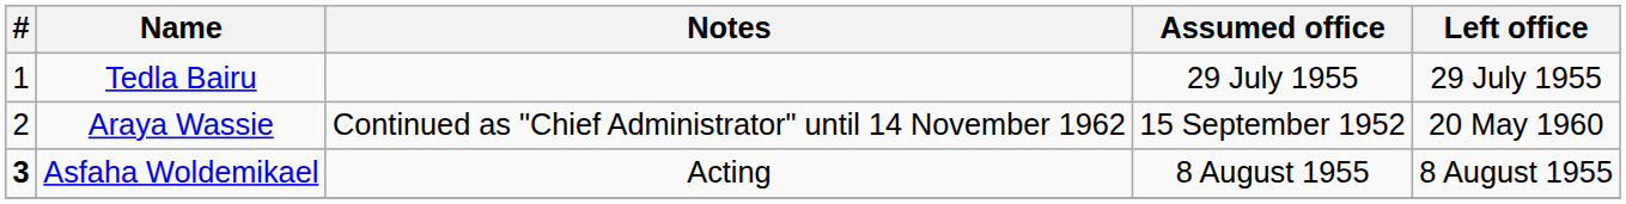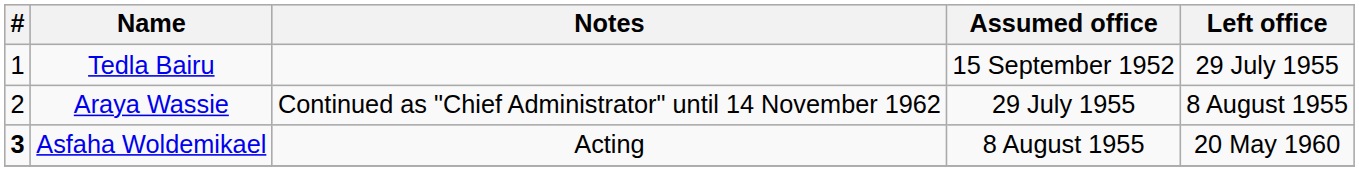 <table class="wikitable" style="text-align:center">
 <tr ->
 <th>#</th>
 <th>Name</th>
 <th>Notes</th>
 <th>Assumed office</th>
 <th>Left office</th>
 </tr>
 <tr>
 <td>1</td>
 <td><a href='#'>Tedla Bairu</a></td>
 <td></td>
-<td>29 July 1955</td>
+<td>15 September 1952</td>
 <td>29 July 1955</td>
 </tr>
 <tr>
 <td>2</td>
 <td><a href='#'>Araya Wassie</a></td>
 <td>Continued as "Chief Administrator" until 14 November 1962</td>
-<td>15 September 1952</td>
-<td>20 May 1960</td>
+<td>29 July 1955</td>
+<td>8 August 1955</td>
 </tr>
 <tr>
 <td><strong>3</strong></td>
 <td><a href='#'>Asfaha Woldemikael</a></td>
 <td>Acting</td>
 <td>8 August 1955</td>
-<td>8 August 1955</td>
+<td>20 May 1960</td>
 </tr>
 <tr>
 </tr>
 </table>
